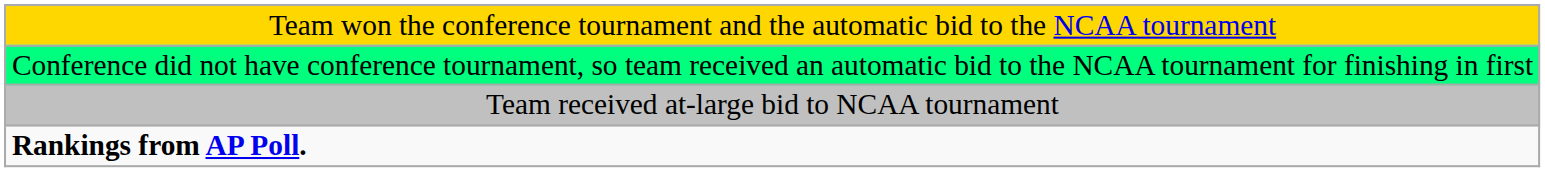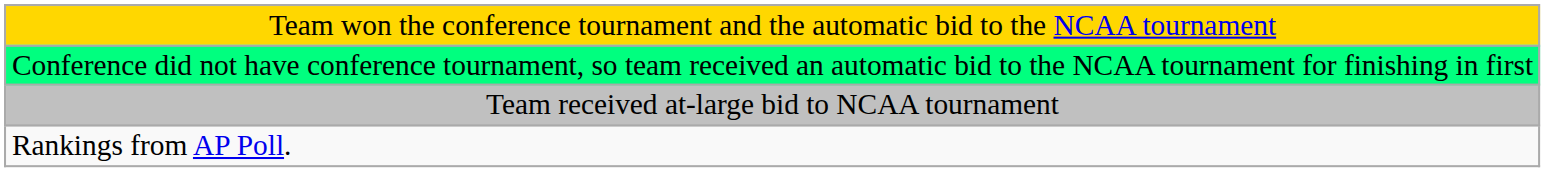 <table class="wikitable" style="font-size:90%; line-height:90%;">
 <tr>
 <td align="center" colspan="7" style="background:#FFD700;">Team won the conference tournament and the automatic bid to the <a href='#'>NCAA tournament</a></td>
 </tr>
 <tr>
 <td align="center" colspan="7" style="background:#00FF7F;">Conference did not have conference tournament, so team received an automatic bid to the NCAA tournament for finishing in first</td>
 </tr>
 <tr>
 <td align="center" colspan="7" style="background:#C0C0C0;">Team received at-large bid to NCAA tournament</td>
 </tr>
 <tr>
-<td><strong>Rankings from <a href='#'>AP Poll</a>.</strong></td>
+<td>Rankings from <a href='#'>AP Poll</a>.</td>
 </tr>
 </table>
